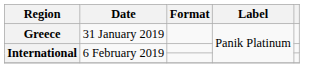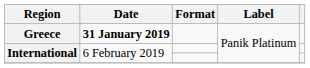 <table class="wikitable plainrowheaders">
 <tr>
 <th scope="col">Region</th>
 <th scope="col">Date</th>
 <th scope="col">Format</th>
 <th scope="col">Label</th>
 <th scope="col"></th>
 </tr>
 <tr>
 <th scope="row">Greece</th>
-<td>31 January 2019</td>
+<td><strong>31 January 2019</strong></td>
 <td></td>
 <td rowspan="3">Panik Platinum</td>
 <td></td>
 </tr>
 <tr>
 <th scope="row" rowspan="2">International</th>
 <td rowspan="2">6 February 2019</td>
 <td></td>
 <td></td>
 </tr>
 <tr>
 <td></td>
 <td></td>
 </tr>
 <tr>
 </tr>
 </table>
